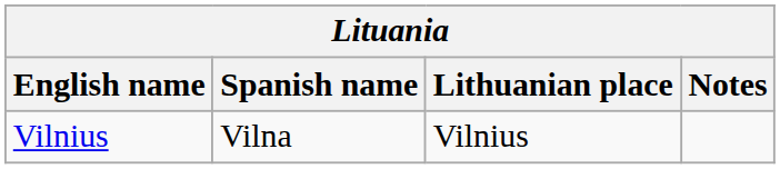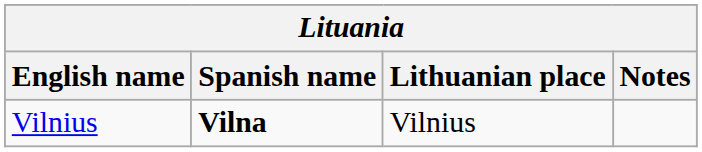 <table class="wikitable sortable">
 <tr>
 <th colspan="4"> <em>Lituania</em></th>
 </tr>
 <tr>
 <th>English name</th>
 <th>Spanish name</th>
 <th>Lithuanian place</th>
 <th>Notes</th>
 </tr>
 <tr>
 <td><a href='#'>Vilnius</a></td>
-<td>Vilna</td>
+<td><strong>Vilna</strong></td>
 <td>Vilnius</td>
 <td></td>
 </tr>
 </table>
